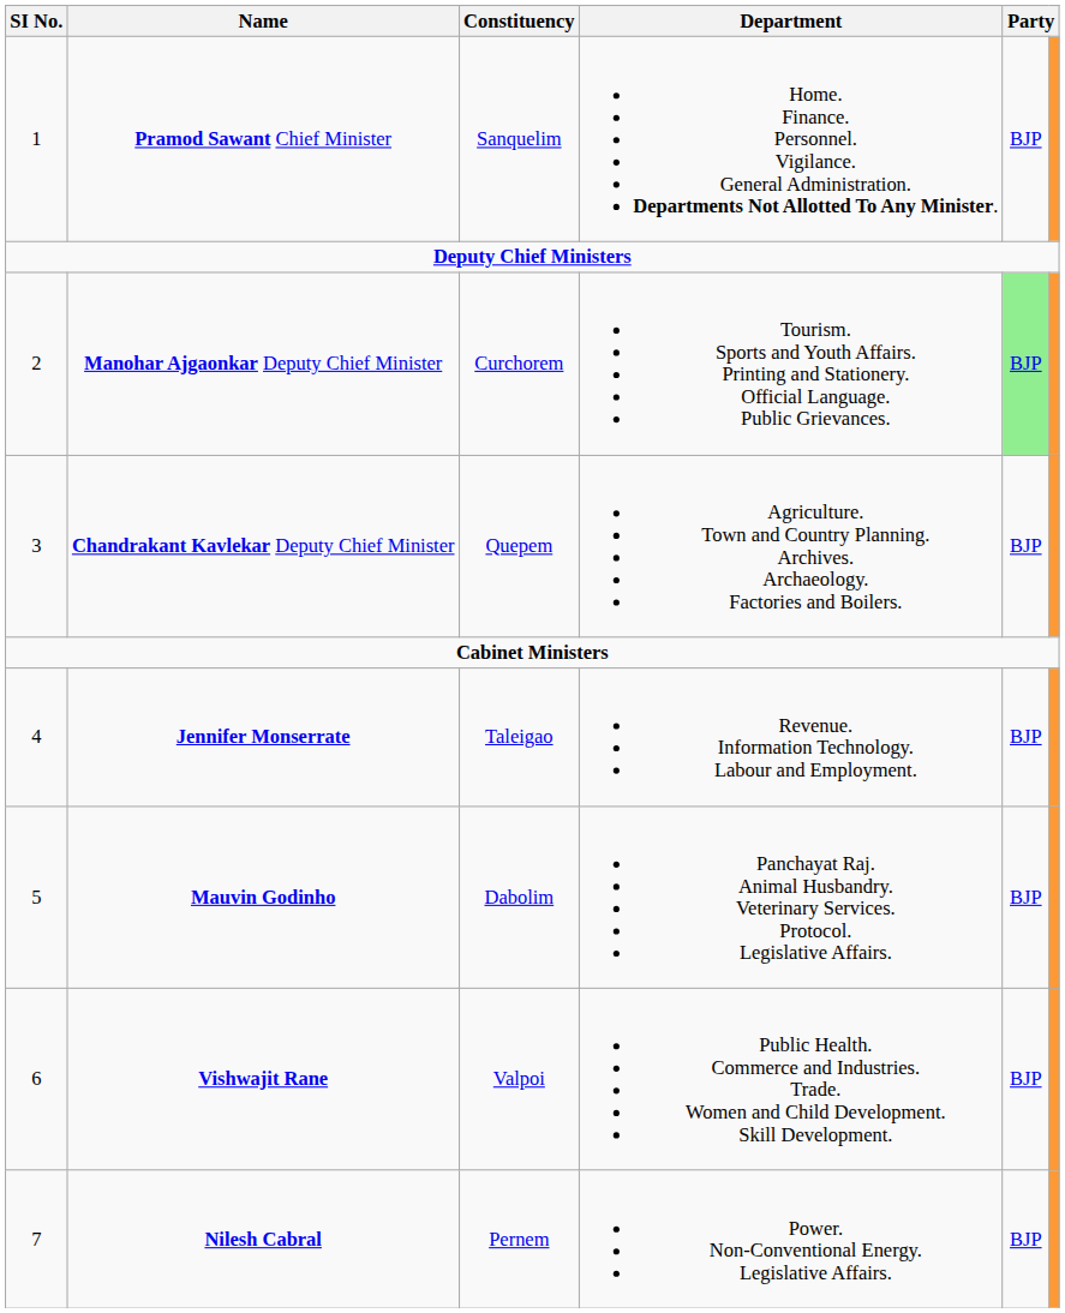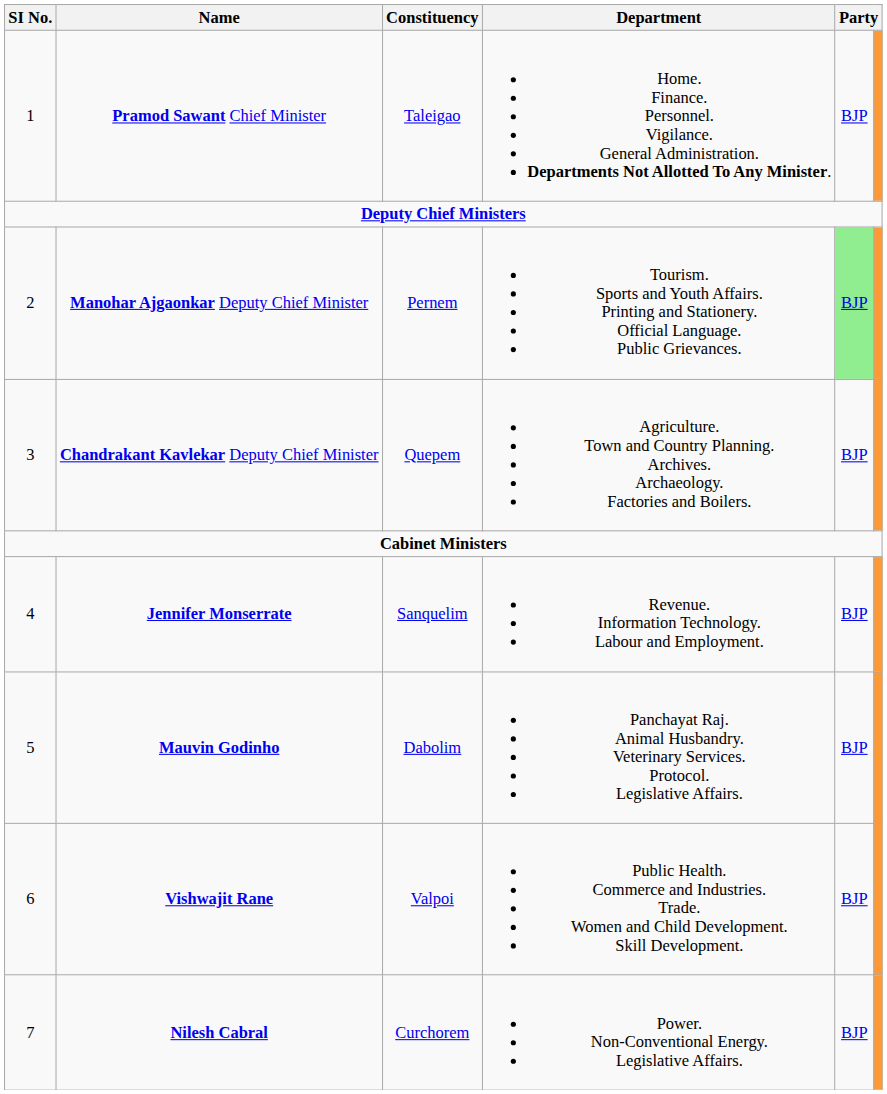 <table class="wikitable sortable" style="text-align:center;">
 <tr>
 <th>SI No.</th>
 <th>Name</th>
 <th>Constituency</th>
 <th>Department</th>
 <th colspan="2" scope="col">Party</th>
 </tr>
 <tr>
 <td>1</td>
 <td><strong><a href='#'>Pramod Sawant</a></strong> <a href='#'>Chief Minister</a></td>
-<td><a href='#'>Sanquelim</a></td>
+<td><a href='#'>Taleigao</a></td>
 <td><br><ul><li>Home.</li><li>Finance.</li><li>Personnel.</li><li>Vigilance.</li><li>General Administration.</li><li><strong>Departments Not Allotted To Any Minister</strong>.</li></ul></td>
 <td><a href='#'>BJP</a></td>
 <td bgcolor=#FF9933></td>
 </tr>
 <tr>
 <td style="text-align: center;" colspan=6><strong><a href='#'>Deputy Chief Ministers</a></strong></td>
 </tr>
 <tr>
 <td>2</td>
 <td><strong><a href='#'>Manohar Ajgaonkar</a></strong> <a href='#'>Deputy Chief Minister</a></td>
-<td><a href='#'>Curchorem</a></td>
+<td><a href='#'>Pernem</a></td>
 <td><br><ul><li>Tourism.</li><li>Sports and Youth Affairs.</li><li>Printing and Stationery.</li><li>Official Language.</li><li>Public Grievances.</li></ul></td>
 <td style="background: lightgreen;"><a href='#'>BJP</a></td>
 <td bgcolor=#FF9933></td>
 </tr>
 <tr>
 <td>3</td>
 <td><strong><a href='#'>Chandrakant Kavlekar</a></strong> <a href='#'>Deputy Chief Minister</a></td>
 <td><a href='#'>Quepem</a></td>
 <td><br><ul><li>Agriculture.</li><li>Town and Country Planning.</li><li>Archives.</li><li>Archaeology.</li><li>Factories and Boilers.</li></ul></td>
 <td><a href='#'>BJP</a></td>
 <td bgcolor=#FF9933></td>
 </tr>
 <tr>
 <td style="text-align: center;" colspan=6><strong>Cabinet Ministers</strong></td>
 </tr>
 <tr>
 <td>4</td>
 <td><strong><a href='#'>Jennifer Monserrate</a></strong></td>
-<td><a href='#'>Taleigao</a></td>
+<td><a href='#'>Sanquelim</a></td>
 <td><br><ul><li>Revenue.</li><li>Information Technology.</li><li>Labour and Employment.</li></ul></td>
 <td><a href='#'>BJP</a></td>
 <td bgcolor=#FF9933></td>
 </tr>
 <tr>
 <td>5</td>
 <td><strong><a href='#'>Mauvin Godinho</a></strong></td>
 <td><a href='#'>Dabolim</a></td>
 <td><br><ul><li>Panchayat Raj.</li><li>Animal Husbandry.</li><li>Veterinary Services.</li><li>Protocol.</li><li>Legislative Affairs.</li></ul></td>
 <td><a href='#'>BJP</a></td>
 <td bgcolor=#FF9933></td>
 </tr>
 <tr>
 <td>6</td>
 <td><strong><a href='#'>Vishwajit Rane</a></strong></td>
 <td><a href='#'>Valpoi</a></td>
 <td><br><ul><li>Public Health.</li><li>Commerce and Industries.</li><li>Trade.</li><li>Women and Child Development.</li><li>Skill Development.</li></ul></td>
 <td><a href='#'>BJP</a></td>
 <td bgcolor=#FF9933></td>
 </tr>
 <tr>
 <td>7</td>
 <td><strong><a href='#'>Nilesh Cabral</a></strong></td>
-<td><a href='#'>Pernem</a></td>
+<td><a href='#'>Curchorem</a></td>
 <td><br><ul><li>Power.</li><li>Non-Conventional Energy.</li><li>Legislative Affairs.</li></ul></td>
 <td><a href='#'>BJP</a></td>
 <td bgcolor=#FF9933></td>
 </tr>
 </table>
